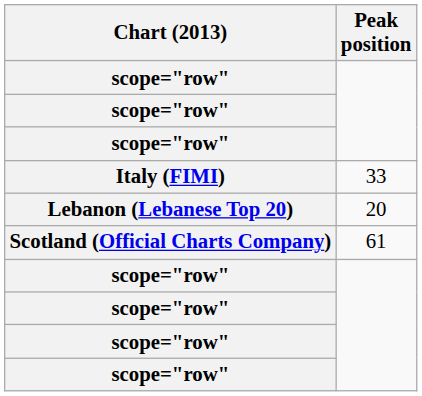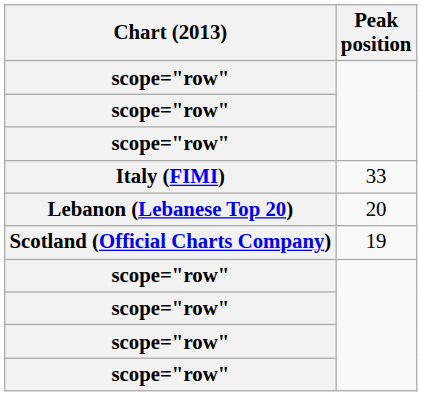 <table class="wikitable sortable plainrowheaders">
 <tr>
 <th scope="col">Chart (2013)</th>
 <th scope="col">Peak <br> position</th>
 </tr>
 <tr>
 <th>scope="row"</th>
 </tr>
 <tr>
 <th>scope="row"</th>
 </tr>
 <tr>
 <th>scope="row"</th>
 </tr>
 <tr>
 <th scope="row">Italy (<a href='#'>FIMI</a>)</th>
 <td style="text-align:center;">33</td>
 </tr>
 <tr>
 <th scope="row">Lebanon (<a href='#'>Lebanese Top 20</a>)</th>
 <td style="text-align:center;">20</td>
 </tr>
 <tr>
 <th scope="row">Scotland (<a href='#'>Official Charts Company</a>)</th>
-<td style="text-align:center;">61</td>
+<td style="text-align:center;">19</td>
 </tr>
 <tr>
 <th>scope="row"</th>
 </tr>
 <tr>
 <th>scope="row"</th>
 </tr>
 <tr>
 <th>scope="row"</th>
 </tr>
 <tr>
 <th>scope="row"</th>
 </tr>
 </table>
